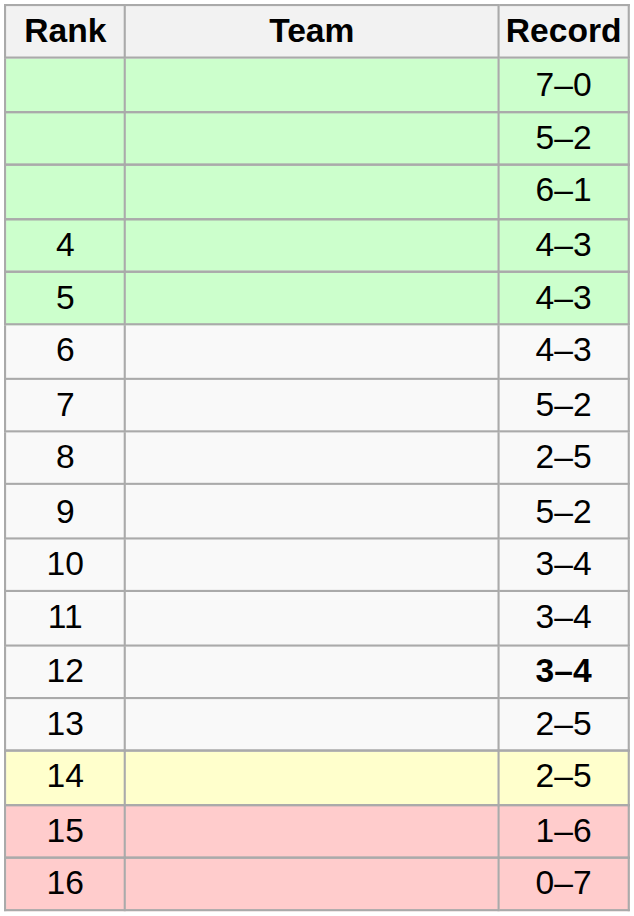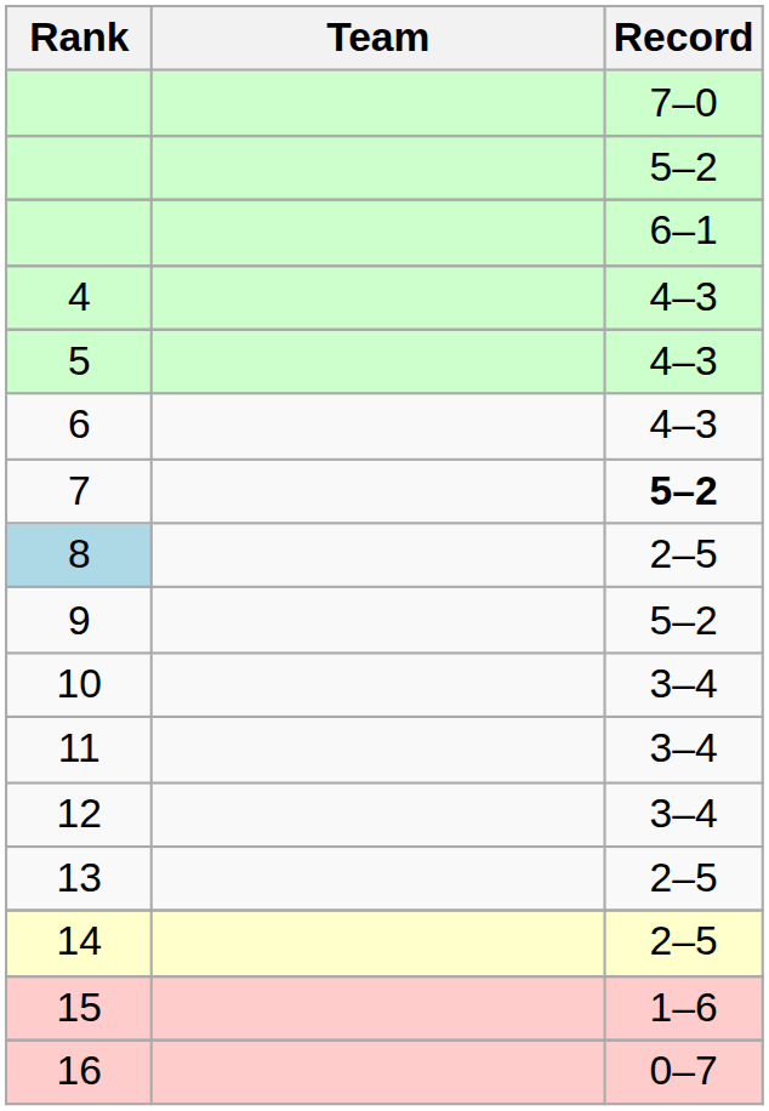 <table class="wikitable" style="text-align: center">
 <tr>
 <th width=50>Rank</th>
 <th width=170>Team</th>
 <th width=50>Record</th>
 </tr>
 <tr bgcolor=ccffcc>
 <td></td>
 <td align=left></td>
 <td>7–0</td>
 </tr>
 <tr>
 </tr>
 <tr bgcolor=ccffcc>
 <td></td>
 <td align=left></td>
 <td>5–2</td>
 </tr>
 <tr>
 </tr>
 <tr bgcolor=ccffcc>
 <td></td>
 <td align=left></td>
 <td>6–1</td>
 </tr>
 <tr>
 </tr>
 <tr bgcolor=ccffcc>
 <td>4</td>
 <td align=left></td>
 <td>4–3</td>
 </tr>
 <tr>
 </tr>
 <tr bgcolor=ccffcc>
 <td>5</td>
 <td align=left></td>
 <td>4–3</td>
 </tr>
 <tr>
 <td>6</td>
 <td align=left></td>
 <td>4–3</td>
 </tr>
 <tr>
 <td>7</td>
 <td align=left></td>
-<td>5–2</td>
+<td><strong>5–2</strong></td>
 </tr>
 <tr>
-<td>8</td>
+<td style="background: lightblue;">8</td>
 <td align=left></td>
 <td>2–5</td>
 </tr>
 <tr>
 <td>9</td>
 <td align=left></td>
 <td>5–2</td>
 </tr>
 <tr>
 <td>10</td>
 <td align=left></td>
 <td>3–4</td>
 </tr>
 <tr>
 <td>11</td>
 <td align=left></td>
 <td>3–4</td>
 </tr>
 <tr>
 <td>12</td>
 <td align=left></td>
-<td><strong>3–4</strong></td>
+<td>3–4</td>
 </tr>
 <tr>
 <td>13</td>
 <td align=left></td>
 <td>2–5</td>
 </tr>
 <tr>
 </tr>
 <tr bgcolor=#ffffcc>
 <td>14</td>
 <td align=left></td>
 <td>2–5</td>
 </tr>
 <tr>
 </tr>
 <tr bgcolor=#ffcccc>
 <td>15</td>
 <td align=left></td>
 <td>1–6</td>
 </tr>
 <tr>
 </tr>
 <tr bgcolor=#ffcccc>
 <td>16</td>
 <td align=left></td>
 <td>0–7</td>
 </tr>
 </table>
